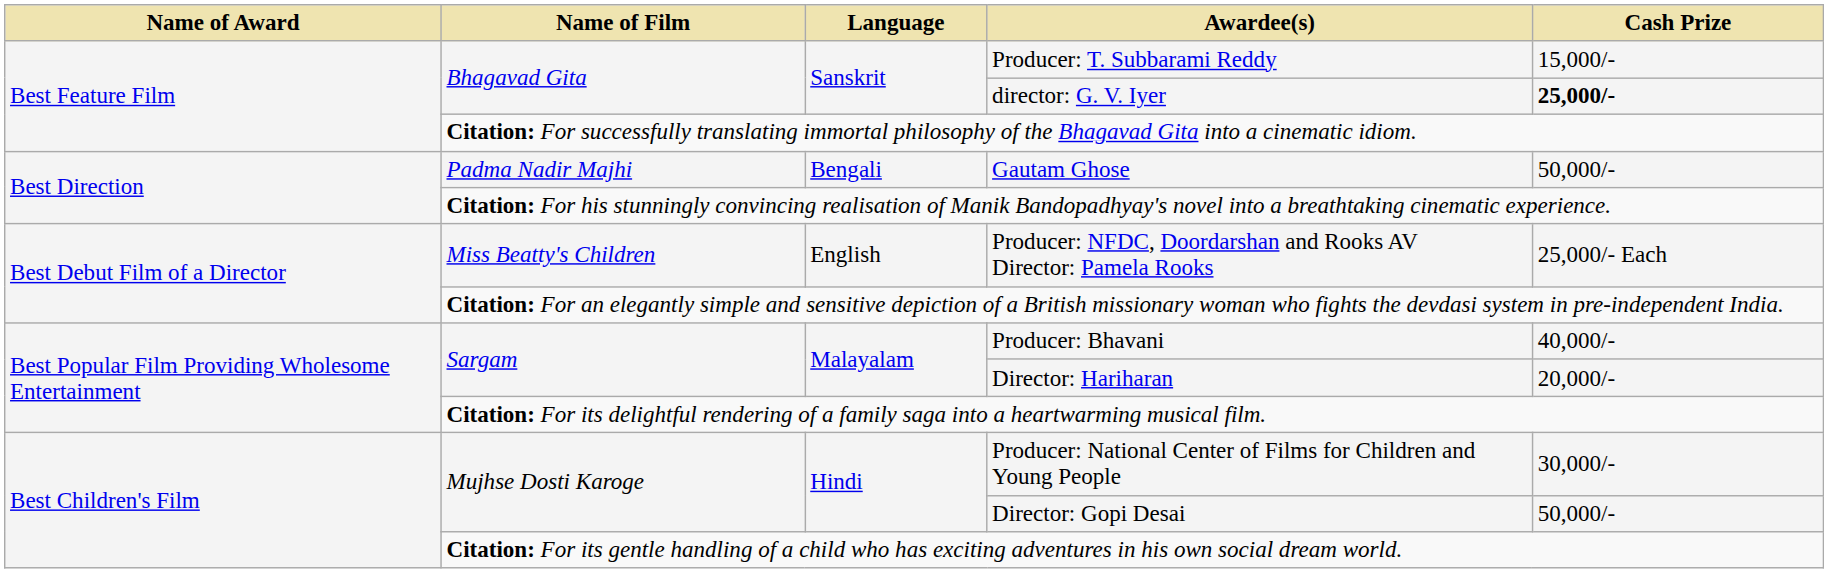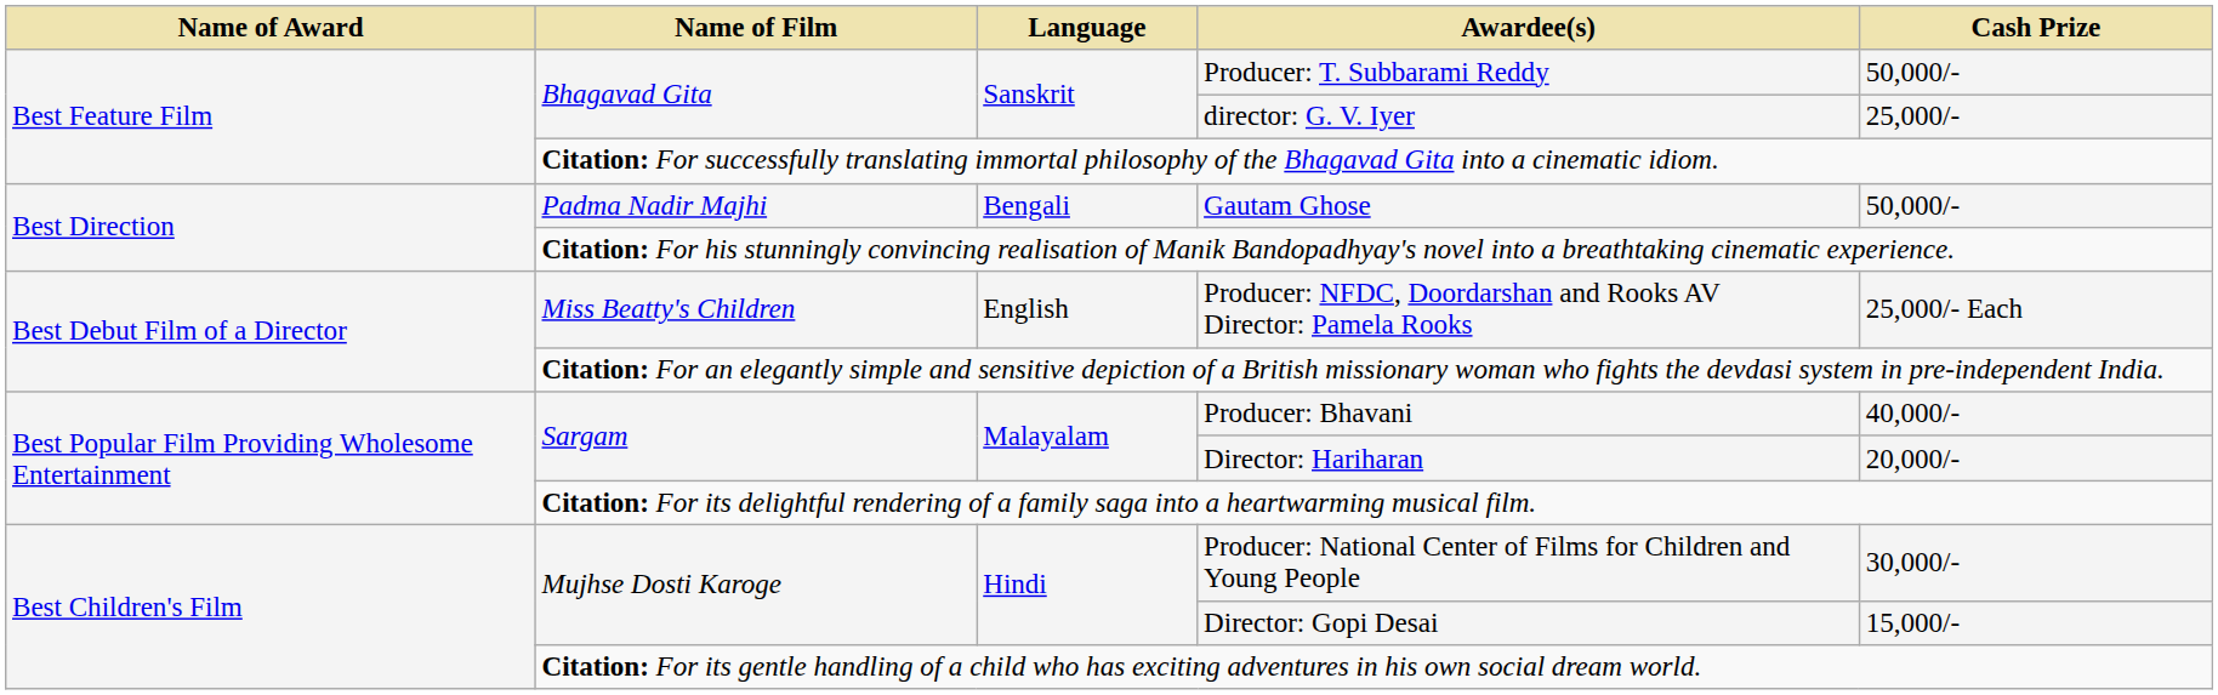 <table class="wikitable" style="width:100%;">
 <tr>
 <th style="background-color:#EFE4B0;width:24%;">Name of Award</th>
 <th style="background-color:#EFE4B0;width:20%;">Name of Film</th>
 <th style="background-color:#EFE4B0;width:10%;">Language</th>
 <th style="background-color:#EFE4B0;width:30%;">Awardee(s)</th>
 <th style="background-color:#EFE4B0;width:16%;">Cash Prize</th>
 </tr>
 <tr style="background-color:#F4F4F4">
 <td rowspan="3"><a href='#'>Best Feature Film</a></td>
 <td rowspan="2"><em><a href='#'>Bhagavad Gita</a></em></td>
 <td rowspan="2"><a href='#'>Sanskrit</a></td>
 <td>Producer: <a href='#'>T. Subbarami Reddy</a></td>
-<td> 15,000/-</td>
+<td> 50,000/-</td>
 </tr>
 <tr style="background-color:#F4F4F4">
 <td>director: <a href='#'>G. V. Iyer</a></td>
-<td><strong> 25,000/-</strong></td>
+<td> 25,000/-</td>
 </tr>
 <tr style="background-color:#F9F9F9">
 <td colspan="4"><strong>Citation:</strong> <em>For successfully translating immortal philosophy of the <a href='#'>Bhagavad Gita</a> into a cinematic idiom.</em></td>
 </tr>
 <tr style="background-color:#F4F4F4">
 <td rowspan="2"><a href='#'>Best Direction</a></td>
 <td><em><a href='#'>Padma Nadir Majhi</a></em></td>
 <td><a href='#'>Bengali</a></td>
 <td><a href='#'>Gautam Ghose</a></td>
 <td> 50,000/-</td>
 </tr>
 <tr style="background-color:#F9F9F9">
 <td colspan="4"><strong>Citation:</strong> <em>For his stunningly convincing realisation of Manik Bandopadhyay's novel into a breathtaking cinematic experience.</em></td>
 </tr>
 <tr style="background-color:#F4F4F4">
 <td rowspan="2"><a href='#'>Best Debut Film of a Director</a></td>
 <td><em><a href='#'>Miss Beatty's Children</a></em></td>
 <td>English</td>
 <td>Producer: <a href='#'>NFDC</a>, <a href='#'>Doordarshan</a> and Rooks AV<br>Director: <a href='#'>Pamela Rooks</a></td>
 <td> 25,000/- Each</td>
 </tr>
 <tr style="background-color:#F9F9F9">
 <td colspan="4"><strong>Citation:</strong> <em>For an elegantly simple and sensitive depiction of a British missionary woman who fights the devdasi system in pre-independent India.</em></td>
 </tr>
 <tr style="background-color:#F4F4F4">
 <td rowspan="3"><a href='#'>Best Popular Film Providing Wholesome Entertainment</a></td>
 <td rowspan="2"><em><a href='#'>Sargam</a></em></td>
 <td rowspan="2"><a href='#'>Malayalam</a></td>
 <td>Producer: Bhavani</td>
 <td> 40,000/-</td>
 </tr>
 <tr style="background-color:#F4F4F4">
 <td>Director: <a href='#'>Hariharan</a></td>
 <td> 20,000/-</td>
 </tr>
 <tr style="background-color:#F9F9F9">
 <td colspan="4"><strong>Citation:</strong> <em>For its delightful rendering of a family saga into a heartwarming musical film.</em></td>
 </tr>
 <tr style="background-color:#F4F4F4">
 <td rowspan="3"><a href='#'>Best Children's Film</a></td>
 <td rowspan="2"><em>Mujhse Dosti Karoge</em></td>
 <td rowspan="2"><a href='#'>Hindi</a></td>
 <td>Producer: National Center of Films for Children and Young People</td>
 <td> 30,000/-</td>
 </tr>
 <tr style="background-color:#F4F4F4">
 <td>Director: Gopi Desai</td>
-<td> 50,000/-</td>
+<td> 15,000/-</td>
 </tr>
 <tr style="background-color:#F9F9F9">
 <td colspan="4"><strong>Citation:</strong> <em>For its gentle handling of a child who has exciting adventures in his own social dream world.</em></td>
 </tr>
 </table>
